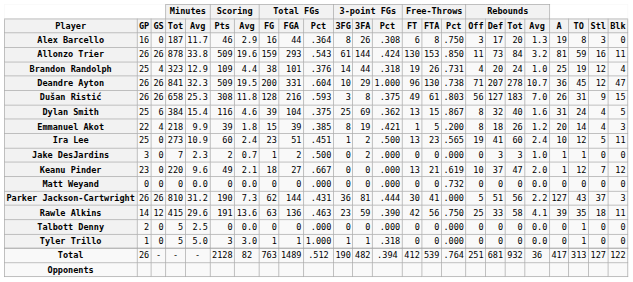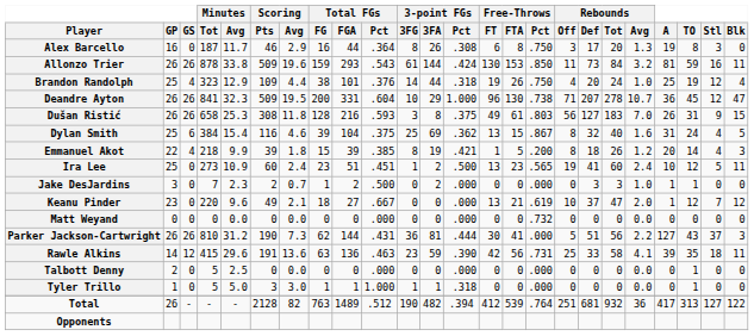 <table class="wikitable sortable" border="1" style="font-size:90%;">
 <tr>
 <th colspan="3" style="border-top-style:hidden; border-left-style:hidden; background: white;"></th>
 <th colspan="2" style=>Minutes</th>
 <th colspan="2" style=>Scoring</th>
 <th colspan="3" style=>Total FGs</th>
 <th colspan="3" style=>3-point FGs</th>
 <th colspan="3" style=>Free-Throws</th>
 <th colspan="4" style=>Rebounds</th>
 <th colspan="4" style="border-top-style:hidden; border-right-style:hidden; background: white;"></th>
 </tr>
 <tr>
 <th scope="col" style=>Player</th>
 <th scope="col" style=>GP</th>
 <th scope="col" style=>GS</th>
 <th scope="col" style=>Tot</th>
 <th scope="col" style=>Avg</th>
 <th scope="col" style=>Pts</th>
 <th scope="col" style=>Avg</th>
 <th scope="col" style=>FG</th>
 <th scope="col" style=>FGA</th>
 <th scope="col" style=>Pct</th>
 <th scope="col" style=>3FG</th>
 <th scope="col" style=>3FA</th>
 <th scope="col" style=>Pct</th>
 <th scope="col" style=>FT</th>
 <th scope="col" style=>FTA</th>
 <th scope="col" style=>Pct</th>
 <th scope="col" style=>Off</th>
 <th scope="col" style=>Def</th>
 <th scope="col" style=>Tot</th>
 <th scope="col" style=>Avg</th>
 <th scope="col" style=>A</th>
 <th scope="col">TO</th>
 <th scope="col" style=>Stl</th>
 <th scope="col" style=>Blk</th>
 </tr>
 <tr>
 <th style=white-space:nowrap>Alex Barcello</th>
 <td align="right">16</td>
 <td align="right">0</td>
 <td align="right">187</td>
 <td align="right">11.7</td>
 <td align="right">46</td>
 <td align="right">2.9</td>
 <td align="right">16</td>
 <td align="right">44</td>
 <td align="right">.364</td>
 <td align="right">8</td>
 <td align="right">26</td>
 <td align="right">.308</td>
 <td align="right">6</td>
 <td align="right">8</td>
 <td align="right">.750</td>
 <td align="right">3</td>
 <td align="right">17</td>
 <td align="right">20</td>
 <td align="right">1.3</td>
 <td align="right">19</td>
 <td align="right">8</td>
 <td align="right">3</td>
 <td align="right">0</td>
 </tr>
 <tr>
 <th style=white-space:nowrap>Allonzo Trier</th>
 <td align="right">26</td>
 <td align="right">26</td>
 <td align="right">878</td>
 <td align="right">33.8</td>
 <td align="right">509</td>
 <td align="right">19.6</td>
 <td align="right">159</td>
 <td align="right">293</td>
 <td align="right">.543</td>
 <td align="right">61</td>
 <td align="right">144</td>
 <td align="right">.424</td>
 <td align="right">130</td>
 <td align="right">153</td>
 <td align="right">.850</td>
 <td align="right">11</td>
 <td align="right">73</td>
 <td align="right">84</td>
 <td align="right">3.2</td>
 <td align="right">81</td>
 <td align="right">59</td>
 <td align="right">16</td>
 <td align="right">11</td>
 </tr>
 <tr>
 <th style=white-space:nowrap>Brandon Randolph</th>
 <td align="right">25</td>
 <td align="right">4</td>
 <td align="right">323</td>
 <td align="right">12.9</td>
 <td align="right">109</td>
 <td align="right">4.4</td>
 <td align="right">38</td>
 <td align="right">101</td>
 <td align="right">.376</td>
 <td align="right">14</td>
 <td align="right">44</td>
 <td align="right">.318</td>
 <td align="right">19</td>
 <td align="right">26</td>
-<td align="right">.731</td>
+<td align="right">.750</td>
 <td align="right">4</td>
 <td align="right">20</td>
 <td align="right">24</td>
 <td align="right">1.0</td>
 <td align="right">25</td>
 <td align="right">19</td>
 <td align="right">12</td>
 <td align="right">4</td>
 </tr>
 <tr>
 <th style=white-space:nowrap>Deandre Ayton</th>
 <td align="right">26</td>
 <td align="right">26</td>
 <td align="right">841</td>
 <td align="right">32.3</td>
 <td align="right">509</td>
 <td align="right">19.5</td>
 <td align="right">200</td>
 <td align="right">331</td>
 <td align="right">.604</td>
 <td align="right">10</td>
 <td align="right">29</td>
 <td align="right">1.000</td>
 <td align="right">96</td>
 <td align="right">130</td>
 <td align="right">.738</td>
 <td align="right">71</td>
 <td align="right">207</td>
 <td align="right">278</td>
 <td align="right">10.7</td>
 <td align="right">36</td>
 <td align="right">45</td>
 <td align="right">12</td>
 <td align="right">47</td>
 </tr>
 <tr>
 <th style=white-space:nowrap>Dušan Ristić</th>
 <td align="right">26</td>
 <td align="right">26</td>
 <td align="right">658</td>
 <td align="right">25.3</td>
 <td align="right">308</td>
 <td align="right">11.8</td>
 <td align="right">128</td>
 <td align="right">216</td>
 <td align="right">.593</td>
 <td align="right">3</td>
 <td align="right">8</td>
 <td align="right">.375</td>
 <td align="right">49</td>
 <td align="right">61</td>
 <td align="right">.803</td>
 <td align="right">56</td>
 <td align="right">127</td>
 <td align="right">183</td>
 <td align="right">7.0</td>
 <td align="right">26</td>
 <td align="right">31</td>
 <td align="right">9</td>
 <td align="right">15</td>
 </tr>
 <tr>
 <th style=white-space:nowrap>Dylan Smith</th>
 <td align="right">25</td>
 <td align="right">6</td>
 <td align="right">384</td>
 <td align="right">15.4</td>
 <td align="right">116</td>
 <td align="right">4.6</td>
 <td align="right">39</td>
 <td align="right">104</td>
 <td align="right">.375</td>
 <td align="right">25</td>
 <td align="right">69</td>
 <td align="right">.362</td>
 <td align="right">13</td>
 <td align="right">15</td>
 <td align="right">.867</td>
 <td align="right">8</td>
 <td align="right">32</td>
 <td align="right">40</td>
 <td align="right">1.6</td>
 <td align="right">31</td>
 <td align="right">24</td>
 <td align="right">4</td>
 <td align="right">5</td>
 </tr>
 <tr>
 <th style=white-space:nowrap>Emmanuel Akot</th>
 <td align="right">22</td>
 <td align="right">4</td>
 <td align="right">218</td>
 <td align="right">9.9</td>
 <td align="right">39</td>
 <td align="right">1.8</td>
 <td align="right">15</td>
 <td align="right">39</td>
 <td align="right">.385</td>
 <td align="right">8</td>
 <td align="right">19</td>
 <td align="right">.421</td>
 <td align="right">1</td>
 <td align="right">5</td>
 <td align="right">.200</td>
 <td align="right">8</td>
 <td align="right">18</td>
 <td align="right">26</td>
 <td align="right">1.2</td>
 <td align="right">20</td>
 <td align="right">14</td>
 <td align="right">4</td>
 <td align="right">3</td>
 </tr>
 <tr>
 <th style=white-space:nowrap>Ira Lee</th>
 <td align="right">25</td>
 <td align="right">0</td>
 <td align="right">273</td>
 <td align="right">10.9</td>
 <td align="right">60</td>
 <td align="right">2.4</td>
 <td align="right">23</td>
 <td align="right">51</td>
 <td align="right">.451</td>
 <td align="right">1</td>
 <td align="right">2</td>
 <td align="right">.500</td>
 <td align="right">13</td>
 <td align="right">23</td>
 <td align="right">.565</td>
 <td align="right">19</td>
 <td align="right">41</td>
 <td align="right">60</td>
 <td align="right">2.4</td>
 <td align="right">10</td>
 <td align="right">12</td>
 <td align="right">5</td>
 <td align="right">11</td>
 </tr>
 <tr>
 <th style=white-space:nowrap>Jake DesJardins</th>
 <td align="right">3</td>
 <td align="right">0</td>
 <td align="right">7</td>
 <td align="right">2.3</td>
 <td align="right">2</td>
 <td align="right">0.7</td>
 <td align="right">1</td>
 <td align="right">2</td>
 <td align="right">.500</td>
 <td align="right">0</td>
 <td align="right">2</td>
 <td align="right">.000</td>
 <td align="right">0</td>
 <td align="right">0</td>
 <td align="right">.000</td>
 <td align="right">0</td>
 <td align="right">3</td>
 <td align="right">3</td>
 <td align="right">1.0</td>
 <td align="right">1</td>
 <td align="right">1</td>
 <td align="right">0</td>
 <td align="right">0</td>
 </tr>
 <tr>
 <th style=white-space:nowrap>Keanu Pinder</th>
 <td align="right">23</td>
 <td align="right">0</td>
 <td align="right">220</td>
 <td align="right">9.6</td>
 <td align="right">49</td>
 <td align="right">2.1</td>
 <td align="right">18</td>
 <td align="right">27</td>
 <td align="right">.667</td>
 <td align="right">0</td>
 <td align="right">0</td>
 <td align="right">.000</td>
 <td align="right">13</td>
 <td align="right">21</td>
 <td align="right">.619</td>
 <td align="right">10</td>
 <td align="right">37</td>
 <td align="right">47</td>
 <td align="right">2.0</td>
 <td align="right">1</td>
 <td align="right">12</td>
 <td align="right">7</td>
 <td align="right">12</td>
 </tr>
 <tr>
 <th style=white-space:nowrap>Matt Weyand</th>
 <td align="right">0</td>
 <td align="right">0</td>
 <td align="right">0</td>
 <td align="right">0.0</td>
 <td align="right">0</td>
 <td align="right">0.0</td>
 <td align="right">0</td>
 <td align="right">0</td>
 <td align="right">.000</td>
 <td align="right">0</td>
 <td align="right">0</td>
 <td align="right">.000</td>
 <td align="right">0</td>
 <td align="right">0</td>
 <td align="right">.732</td>
 <td align="right">0</td>
 <td align="right">0</td>
 <td align="right">0</td>
 <td align="right">0.0</td>
 <td align="right">0</td>
 <td align="right">0</td>
 <td align="right">0</td>
 <td align="right">0</td>
 </tr>
 <tr>
 <th style=white-space:nowrap>Parker Jackson-Cartwright</th>
 <td align="right">26</td>
 <td align="right">26</td>
 <td align="right">810</td>
 <td align="right">31.2</td>
 <td align="right">190</td>
 <td align="right">7.3</td>
 <td align="right">62</td>
 <td align="right">144</td>
 <td align="right">.431</td>
 <td align="right">36</td>
 <td align="right">81</td>
 <td align="right">.444</td>
 <td align="right">30</td>
 <td align="right">41</td>
 <td align="right">.000</td>
 <td align="right">5</td>
 <td align="right">51</td>
 <td align="right">56</td>
 <td align="right">2.2</td>
 <td align="right">127</td>
 <td align="right">43</td>
 <td align="right">37</td>
 <td align="right">3</td>
 </tr>
 <tr>
 <th style=white-space:nowrap>Rawle Alkins</th>
 <td align="right">14</td>
 <td align="right">12</td>
 <td align="right">415</td>
 <td align="right">29.6</td>
 <td align="right">191</td>
 <td align="right">13.6</td>
 <td align="right">63</td>
 <td align="right">136</td>
 <td align="right">.463</td>
 <td align="right">23</td>
 <td align="right">59</td>
 <td align="right">.390</td>
 <td align="right">42</td>
 <td align="right">56</td>
-<td align="right">.750</td>
+<td align="right">.731</td>
 <td align="right">25</td>
 <td align="right">33</td>
 <td align="right">58</td>
 <td align="right">4.1</td>
 <td align="right">39</td>
 <td align="right">35</td>
 <td align="right">18</td>
 <td align="right">11</td>
 </tr>
 <tr>
 <th style=white-space:nowrap>Talbott Denny</th>
 <td align="right">2</td>
 <td align="right">0</td>
 <td align="right">5</td>
 <td align="right">2.5</td>
 <td align="right">0</td>
 <td align="right">0.0</td>
 <td align="right">0</td>
 <td align="right">0</td>
 <td align="right">.000</td>
 <td align="right">0</td>
 <td align="right">0</td>
 <td align="right">.000</td>
 <td align="right">0</td>
 <td align="right">0</td>
 <td align="right">.000</td>
 <td align="right">0</td>
 <td align="right">0</td>
 <td align="right">0</td>
 <td align="right">0.0</td>
 <td align="right">0</td>
 <td align="right">1</td>
 <td align="right">0</td>
 <td align="right">0</td>
 </tr>
 <tr>
 <th style=white-space:nowrap>Tyler Trillo</th>
 <td align="right">1</td>
 <td align="right">0</td>
 <td align="right">5</td>
 <td align="right">5.0</td>
 <td align="right">3</td>
 <td align="right">3.0</td>
 <td align="right">1</td>
 <td align="right">1</td>
 <td align="right">1.000</td>
 <td align="right">1</td>
 <td align="right">1</td>
 <td align="right">.318</td>
 <td align="right">0</td>
 <td align="right">0</td>
 <td align="right">.000</td>
 <td align="right">0</td>
 <td align="right">0</td>
 <td align="right">0</td>
 <td align="right">0.0</td>
 <td align="right">0</td>
 <td align="right">1</td>
 <td align="right">0</td>
 <td align="right">0</td>
 </tr>
 <tr>
 </tr>
 <tr class="sortbottom">
 <td align="center" style=><strong>Total</strong></td>
 <td align="center" style=>26</td>
 <td align="center" style=>-</td>
 <td align="center" style=>-</td>
 <td align="center" style=>-</td>
 <td align="center" style=>2128</td>
 <td align="center" style=>82</td>
 <td align="center" style=>763</td>
 <td align="center" style=>1489</td>
 <td align="center" style=>.512</td>
 <td align="center" style=>190</td>
 <td align="center" style=>482</td>
 <td align="center" style=>.394</td>
 <td align="center" style=>412</td>
 <td align="center" style=>539</td>
 <td align="center" style=>.764</td>
 <td align="center" style=>251</td>
 <td align="center" style=>681</td>
 <td align="center" style=>932</td>
 <td align="center" style=>36</td>
 <td align="center" style=>417</td>
 <td align="center">313</td>
 <td align="center">127</td>
 <td align="center">122</td>
 </tr>
 <tr class="sortbottom">
 <td align="center"><strong>Opponents</strong></td>
 <td align="center"></td>
 <td align="center"></td>
 <td align="center"></td>
 <td align="center"></td>
 <td align="center"></td>
 <td align="center"></td>
 <td align="center"></td>
 <td align="center"></td>
 <td align="center"></td>
 <td align="center"></td>
 <td align="center"></td>
 <td align="center"></td>
 <td align="center"></td>
 <td align="center"></td>
 <td align="center"></td>
 <td align="center"></td>
 <td align="center"></td>
 <td align="center"></td>
 <td align="center"></td>
 <td align="center"></td>
 <td align="center"></td>
 <td align="center"></td>
 <td align="center"></td>
 </tr>
 </table>
